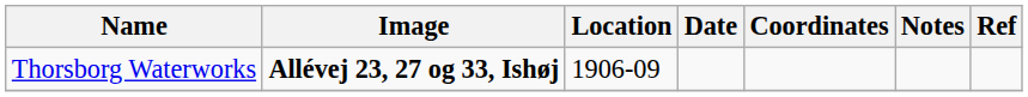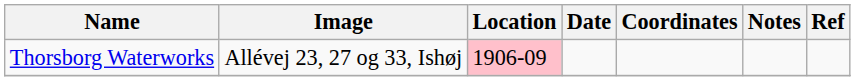 <table class="wikitable sortable">
 <tr>
 <th>Name</th>
 <th>Image</th>
 <th>Location</th>
 <th>Date</th>
 <th>Coordinates</th>
 <th>Notes</th>
 <th>Ref</th>
 </tr>
 <tr>
 <td><a href='#'>Thorsborg Waterworks</a></td>
-<td><strong>Allévej 23, 27 og 33, Ishøj</strong></td>
-<td>1906-09</td>
+<td>Allévej 23, 27 og 33, Ishøj</td>
+<td style="background: pink;">1906-09</td>
 <td></td>
 <td></td>
 <td></td>
 <td></td>
 </tr>
 <tr>
 </tr>
 </table>
